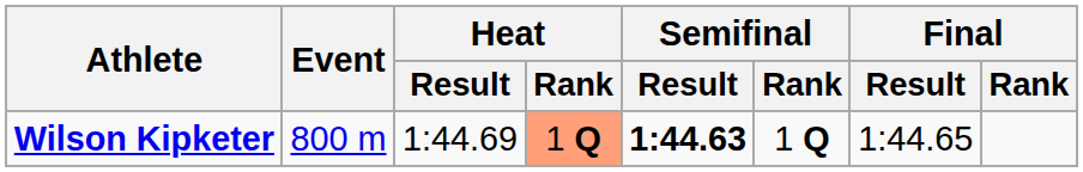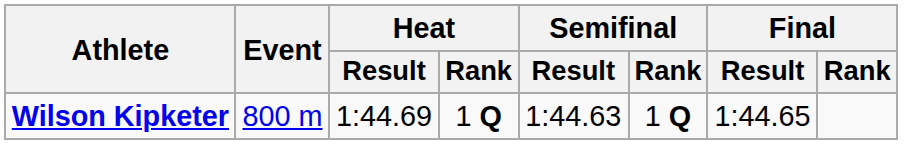 <table class=wikitable style="font-size:90%">
 <tr>
 <th rowspan="2">Athlete</th>
 <th rowspan="2">Event</th>
 <th colspan="2">Heat</th>
 <th colspan="2">Semifinal</th>
 <th colspan="2">Final</th>
 </tr>
 <tr style="font-size:95%">
 <th>Result</th>
 <th>Rank</th>
 <th>Result</th>
 <th>Rank</th>
 <th>Result</th>
 <th>Rank</th>
 </tr>
 <tr align=center>
 <td align=left><strong><a href='#'>Wilson Kipketer</a></strong></td>
 <td align=left><a href='#'>800 m</a></td>
 <td>1:44.69</td>
-<td style="background: lightsalmon;">1 <strong>Q</strong></td>
-<td><strong>1:44.63</strong></td>
+<td>1 <strong>Q</strong></td>
+<td>1:44.63</td>
 <td>1 <strong>Q</strong></td>
 <td>1:44.65</td>
 <td></td>
 </tr>
 </table>
